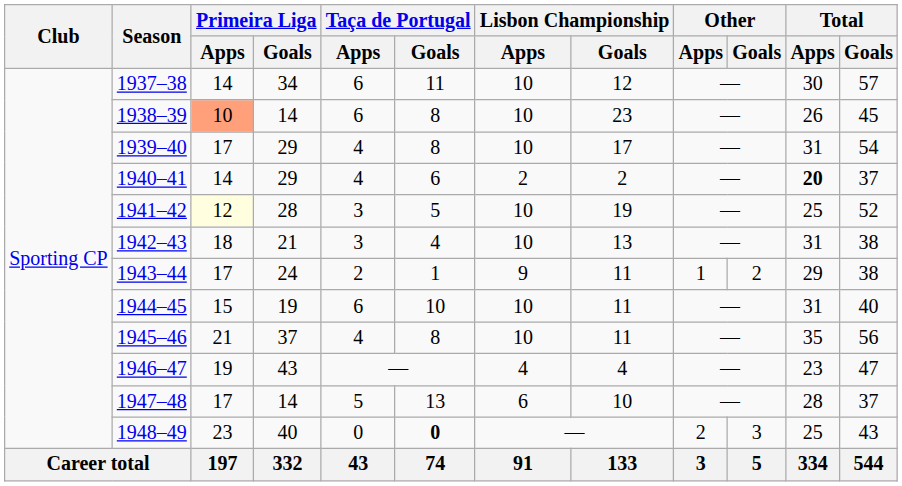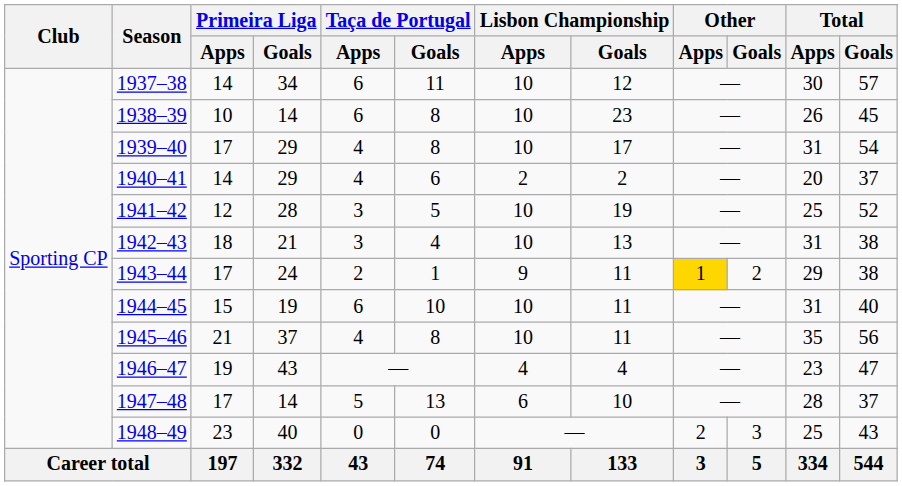 <table class="wikitable" style="text-align:center">
 <tr>
 <th rowspan="2">Club</th>
 <th rowspan="2">Season</th>
 <th colspan="2"><a href='#'>Primeira Liga</a></th>
 <th colspan="2"><a href='#'>Taça de Portugal</a></th>
 <th colspan="2">Lisbon Championship</th>
 <th colspan="2">Other</th>
 <th colspan="2">Total</th>
 </tr>
 <tr>
 <th>Apps</th>
 <th>Goals</th>
 <th>Apps</th>
 <th>Goals</th>
 <th>Apps</th>
 <th>Goals</th>
 <th>Apps</th>
 <th>Goals</th>
 <th>Apps</th>
 <th>Goals</th>
 </tr>
 <tr>
 <td rowspan="12"><a href='#'>Sporting CP</a></td>
 <td><a href='#'>1937–38</a></td>
 <td>14</td>
 <td>34</td>
 <td>6</td>
 <td>11</td>
 <td>10</td>
 <td>12</td>
 <td colspan="2">—</td>
 <td>30</td>
 <td>57</td>
 </tr>
 <tr>
 <td><a href='#'>1938–39</a></td>
-<td style="background: lightsalmon;">10</td>
+<td>10</td>
 <td>14</td>
 <td>6</td>
 <td>8</td>
 <td>10</td>
 <td>23</td>
 <td colspan="2">—</td>
 <td>26</td>
 <td>45</td>
 </tr>
 <tr>
 <td><a href='#'>1939–40</a></td>
 <td>17</td>
 <td>29</td>
 <td>4</td>
 <td>8</td>
 <td>10</td>
 <td>17</td>
 <td colspan="2">—</td>
 <td>31</td>
 <td>54</td>
 </tr>
 <tr>
 <td><a href='#'>1940–41</a></td>
 <td>14</td>
 <td>29</td>
 <td>4</td>
 <td>6</td>
 <td>2</td>
 <td>2</td>
 <td colspan="2">—</td>
-<td><strong>20</strong></td>
+<td>20</td>
 <td>37</td>
 </tr>
 <tr>
 <td><a href='#'>1941–42</a></td>
-<td style="background: lightyellow;">12</td>
+<td>12</td>
 <td>28</td>
 <td>3</td>
 <td>5</td>
 <td>10</td>
 <td>19</td>
 <td colspan="2">—</td>
 <td>25</td>
 <td>52</td>
 </tr>
 <tr>
 <td><a href='#'>1942–43</a></td>
 <td>18</td>
 <td>21</td>
 <td>3</td>
 <td>4</td>
 <td>10</td>
 <td>13</td>
 <td colspan="2">—</td>
 <td>31</td>
 <td>38</td>
 </tr>
 <tr>
 <td><a href='#'>1943–44</a></td>
 <td>17</td>
 <td>24</td>
 <td>2</td>
 <td>1</td>
 <td>9</td>
 <td>11</td>
-<td>1</td>
+<td style="background: gold;">1</td>
 <td>2</td>
 <td>29</td>
 <td>38</td>
 </tr>
 <tr>
 <td><a href='#'>1944–45</a></td>
 <td>15</td>
 <td>19</td>
 <td>6</td>
 <td>10</td>
 <td>10</td>
 <td>11</td>
 <td colspan="2">—</td>
 <td>31</td>
 <td>40</td>
 </tr>
 <tr>
 <td><a href='#'>1945–46</a></td>
 <td>21</td>
 <td>37</td>
 <td>4</td>
 <td>8</td>
 <td>10</td>
 <td>11</td>
 <td colspan="2">—</td>
 <td>35</td>
 <td>56</td>
 </tr>
 <tr>
 <td><a href='#'>1946–47</a></td>
 <td>19</td>
 <td>43</td>
 <td colspan="2">—</td>
 <td>4</td>
 <td>4</td>
 <td colspan="2">—</td>
 <td>23</td>
 <td>47</td>
 </tr>
 <tr>
 <td><a href='#'>1947–48</a></td>
 <td>17</td>
 <td>14</td>
 <td>5</td>
 <td>13</td>
 <td>6</td>
 <td>10</td>
 <td colspan="2">—</td>
 <td>28</td>
 <td>37</td>
 </tr>
 <tr>
 <td><a href='#'>1948–49</a></td>
 <td>23</td>
 <td>40</td>
 <td>0</td>
-<td><strong>0</strong></td>
+<td>0</td>
 <td colspan="2">—</td>
 <td>2</td>
 <td>3</td>
 <td>25</td>
 <td>43</td>
 </tr>
 <tr>
 <th colspan="2">Career total</th>
 <th>197</th>
 <th>332</th>
 <th>43</th>
 <th>74</th>
 <th>91</th>
 <th>133</th>
 <th>3</th>
 <th>5</th>
 <th>334</th>
 <th>544</th>
 </tr>
 </table>
